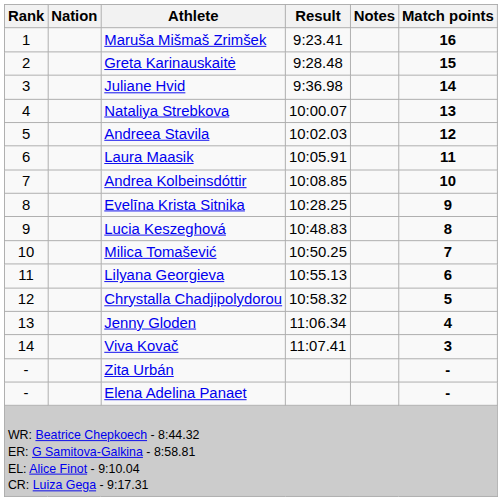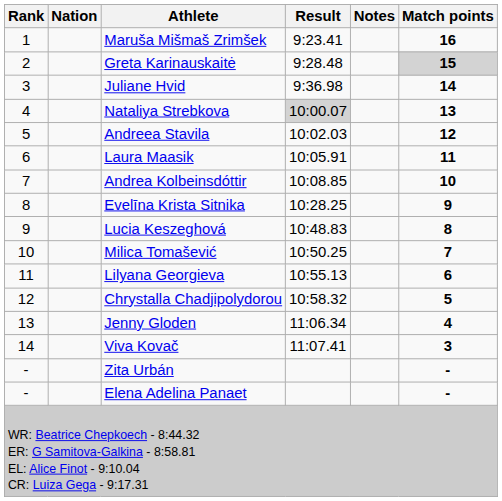 <table class="wikitable sortable" style="text-align:left;">
 <tr>
 <th>Rank</th>
 <th>Nation</th>
 <th>Athlete</th>
 <th>Result</th>
 <th>Notes</th>
 <th>Match points</th>
 </tr>
 <tr>
 <td align=center>1</td>
 <td></td>
 <td><a href='#'>Maruša Mišmaš Zrimšek</a></td>
 <td align=center>9:23.41</td>
 <td></td>
 <td align=center><strong>16</strong></td>
 </tr>
 <tr>
 <td align=center>2</td>
 <td></td>
 <td><a href='#'>Greta Karinauskaitė</a></td>
 <td align=center>9:28.48</td>
 <td></td>
-<td align=center><strong>15</strong></td>
+<td align=center style="background: lightgrey;"><strong>15</strong></td>
 </tr>
 <tr>
 <td align=center>3</td>
 <td></td>
 <td><a href='#'>Juliane Hvid</a></td>
 <td align=center>9:36.98</td>
 <td align=center></td>
 <td align=center><strong>14</strong></td>
 </tr>
 <tr>
 <td align=center>4</td>
 <td></td>
 <td><a href='#'>Nataliya Strebkova</a></td>
-<td align=center>10:00.07</td>
+<td align=center style="background: lightgrey;">10:00.07</td>
 <td></td>
 <td align=center><strong>13</strong></td>
 </tr>
 <tr>
 <td align=center>5</td>
 <td></td>
 <td><a href='#'>Andreea Stavila</a></td>
 <td align=center>10:02.03</td>
 <td align=center></td>
 <td align=center><strong>12</strong></td>
 </tr>
 <tr>
 <td align=center>6</td>
 <td></td>
 <td><a href='#'>Laura Maasik</a></td>
 <td align=center>10:05.91</td>
 <td></td>
 <td align=center><strong>11</strong></td>
 </tr>
 <tr>
 <td align=center>7</td>
 <td></td>
 <td><a href='#'>Andrea Kolbeinsdóttir</a></td>
 <td align=center>10:08.85</td>
 <td align=center></td>
 <td align=center><strong>10</strong></td>
 </tr>
 <tr>
 <td align=center>8</td>
 <td></td>
 <td><a href='#'>Evelīna Krista Sitnika</a></td>
 <td align=center>10:28.25</td>
 <td align=center></td>
 <td align=center><strong>9</strong></td>
 </tr>
 <tr>
 <td align=center>9</td>
 <td></td>
 <td><a href='#'>Lucia Keszeghová</a></td>
 <td align=center>10:48.83</td>
 <td align=center></td>
 <td align=center><strong>8</strong></td>
 </tr>
 <tr>
 <td align=center>10</td>
 <td></td>
 <td><a href='#'>Milica Tomašević</a></td>
 <td align=center>10:50.25</td>
 <td align=center></td>
 <td align=center><strong>7</strong></td>
 </tr>
 <tr>
 <td align=center>11</td>
 <td></td>
 <td><a href='#'>Lilyana Georgieva</a></td>
 <td align=center>10:55.13</td>
 <td></td>
 <td align=center><strong>6</strong></td>
 </tr>
 <tr>
 <td align=center>12</td>
 <td></td>
 <td><a href='#'>Chrystalla Chadjipolydorou</a></td>
 <td align=center>10:58.32</td>
 <td align=center></td>
 <td align=center><strong>5</strong></td>
 </tr>
 <tr>
 <td align=center>13</td>
 <td></td>
 <td><a href='#'>Jenny Gloden</a></td>
 <td align=center>11:06.34</td>
 <td align=center></td>
 <td align=center><strong>4</strong></td>
 </tr>
 <tr>
 <td align=center>14</td>
 <td></td>
 <td><a href='#'>Viva Kovač</a></td>
 <td align=center>11:07.41</td>
 <td></td>
 <td align=center><strong>3</strong></td>
 </tr>
 <tr>
 <td align=center>-</td>
 <td></td>
 <td><a href='#'>Zita Urbán</a></td>
 <td align=center></td>
 <td></td>
 <td align=center><strong>-</strong></td>
 </tr>
 <tr>
 <td align=center>-</td>
 <td></td>
 <td><a href='#'>Elena Adelina Panaet</a></td>
 <td align=center></td>
 <td></td>
 <td align=center><strong>-</strong></td>
 </tr>
 <tr>
 <td colspan="6" bgcolor="#cccccc"><br> <small>WR:   <a href='#'>Beatrice Chepkoech</a> - 8:44.32<br>ER:  <a href='#'>G Samitova-Galkina</a> - 8:58.81<br></small> <small>EL:   <a href='#'>Alice Finot</a> - 9:10.04<br>CR:  <a href='#'>Luiza Gega</a> - 9:17.31</small></td>
 </tr>
 </table>
